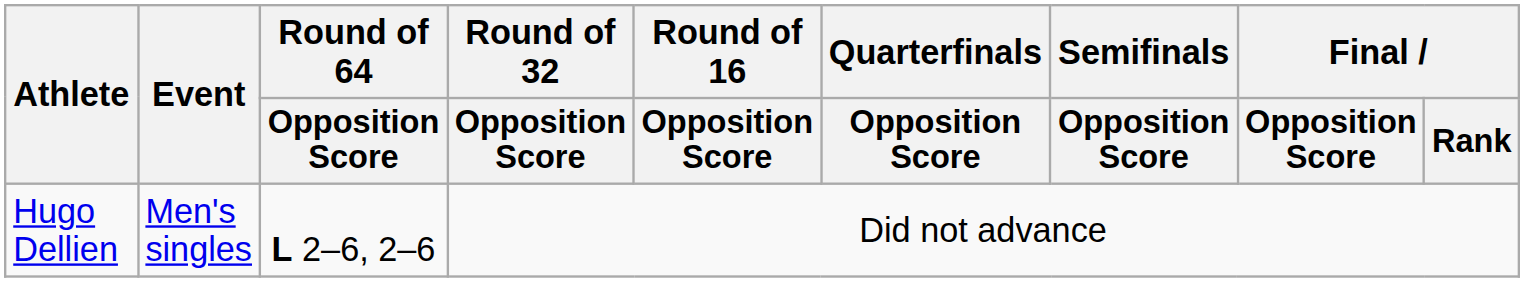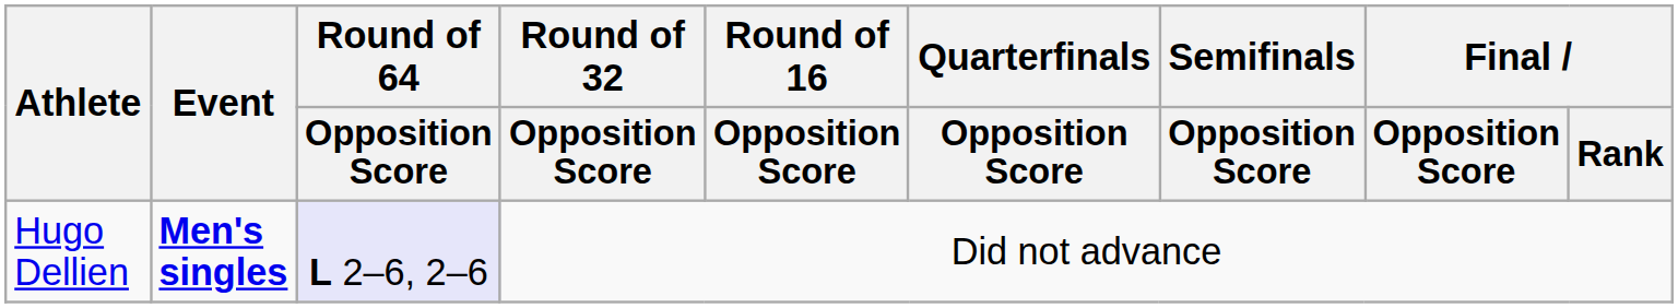 <table class=wikitable style="font-size:90%">
 <tr>
 <th rowspan="2">Athlete</th>
 <th rowspan="2">Event</th>
 <th>Round of 64</th>
 <th>Round of 32</th>
 <th>Round of 16</th>
 <th>Quarterfinals</th>
 <th>Semifinals</th>
 <th colspan=2>Final / </th>
 </tr>
 <tr style="font-size:95%">
 <th>Opposition<br>Score</th>
 <th>Opposition<br>Score</th>
 <th>Opposition<br>Score</th>
 <th>Opposition<br>Score</th>
 <th>Opposition<br>Score</th>
 <th>Opposition<br>Score</th>
 <th>Rank</th>
 </tr>
 <tr align=center>
 <td align=left><a href='#'>Hugo Dellien</a></td>
-<td align=left><a href='#'>Men's singles</a></td>
-<td><br><strong>L</strong> 2–6, 2–6</td>
+<td align=left><strong><a href='#'>Men's singles</a></strong></td>
+<td style="background: lavender;"><br><strong>L</strong> 2–6, 2–6</td>
 <td colspan=6>Did not advance</td>
 </tr>
 </table>
